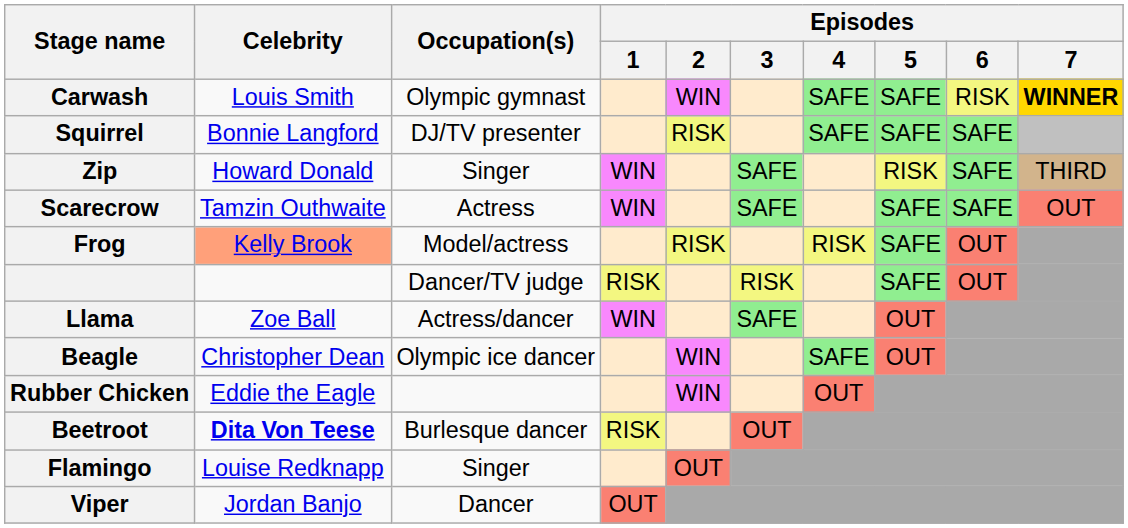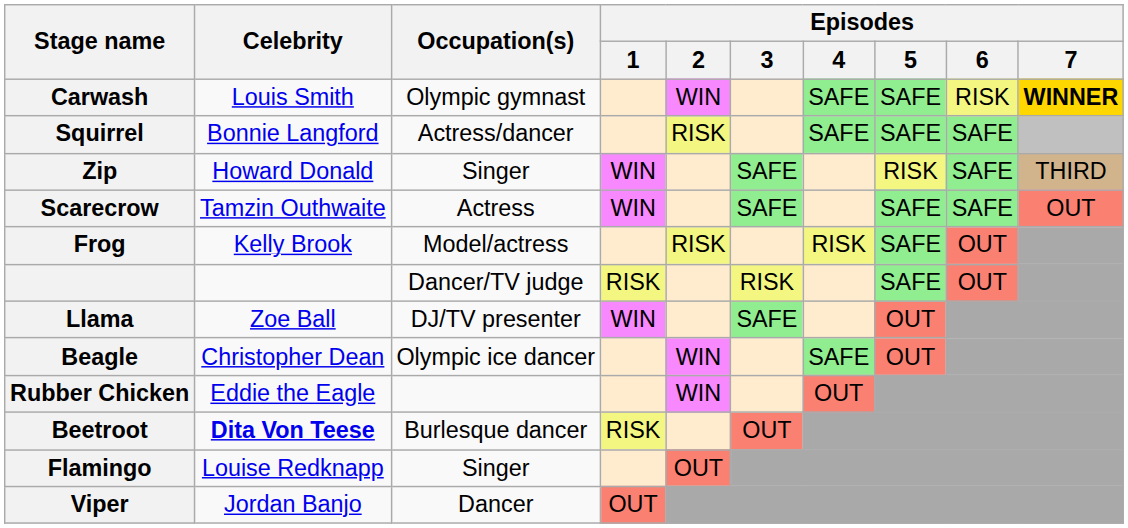 <table class="wikitable" style="text-align:center; ">
 <tr>
 <th rowspan="2">Stage name</th>
 <th rowspan="2">Celebrity</th>
 <th rowspan="2">Occupation(s)</th>
 <th colspan="8">Episodes</th>
 </tr>
 <tr>
 <th rowspan="1">1</th>
 <th rowspan="1">2</th>
 <th rowspan="1">3</th>
 <th rowspan="1">4</th>
 <th rowspan="1">5</th>
 <th rowspan="1">6</th>
 <th rowspan="1">7</th>
 </tr>
 <tr>
 <th>Carwash</th>
 <td><a href='#'>Louis Smith</a></td>
 <td>Olympic gymnast</td>
 <td bgcolor=#FFEBCD></td>
 <td bgcolor=#F888FD>WIN</td>
 <td bgcolor=#FFEBCD></td>
 <td bgcolor=lightgreen>SAFE</td>
 <td bgcolor=lightgreen>SAFE</td>
 <td bgcolor=#F3F781>RISK</td>
 <td bgcolor=gold><strong>WINNER</strong></td>
 </tr>
 <tr>
 <th>Squirrel</th>
 <td><a href='#'>Bonnie Langford</a></td>
-<td>DJ/TV presenter</td>
+<td>Actress/dancer</td>
 <td bgcolor=#FFEBCD></td>
 <td bgcolor=#F3F781>RISK</td>
 <td bgcolor=#FFEBCD></td>
 <td bgcolor=lightgreen>SAFE</td>
 <td bgcolor=lightgreen>SAFE</td>
 <td bgcolor=lightgreen>SAFE</td>
 <td bgcolor=silver></td>
 </tr>
 <tr>
 <th>Zip</th>
 <td><a href='#'>Howard Donald</a></td>
 <td>Singer</td>
 <td bgcolor=#F888FD>WIN</td>
 <td bgcolor=#FFEBCD></td>
 <td bgcolor=lightgreen>SAFE</td>
 <td bgcolor=#FFEBCD></td>
 <td bgcolor=#F3F781>RISK</td>
 <td bgcolor=lightgreen>SAFE</td>
 <td bgcolor=tan>THIRD</td>
 </tr>
 <tr>
 <th>Scarecrow</th>
 <td><a href='#'>Tamzin Outhwaite</a></td>
 <td>Actress</td>
 <td bgcolor=#F888FD>WIN</td>
 <td bgcolor=#FFEBCD></td>
 <td bgcolor=lightgreen>SAFE</td>
 <td bgcolor=#FFEBCD></td>
 <td bgcolor=lightgreen>SAFE</td>
 <td bgcolor=lightgreen>SAFE</td>
 <td bgcolor=salmon>OUT</td>
 </tr>
 <tr>
 <th>Frog</th>
-<td style="background: lightsalmon;"><a href='#'>Kelly Brook</a></td>
+<td><a href='#'>Kelly Brook</a></td>
 <td>Model/actress</td>
 <td bgcolor=#FFEBCD></td>
 <td bgcolor=#F3F781>RISK</td>
 <td bgcolor=#FFEBCD></td>
 <td bgcolor=#F3F781>RISK</td>
 <td bgcolor=lightgreen>SAFE</td>
 <td bgcolor=salmon>OUT</td>
 <td bgcolor=darkgrey colspan="2"></td>
 </tr>
 <tr>
 <th></th>
 <td></td>
 <td>Dancer/TV judge</td>
 <td bgcolor=#F3F781>RISK</td>
 <td bgcolor=#FFEBCD></td>
 <td bgcolor=#F3F781>RISK</td>
 <td bgcolor=#FFEBCD></td>
 <td bgcolor=lightgreen>SAFE</td>
 <td bgcolor=salmon>OUT</td>
 <td bgcolor=darkgrey colspan="2"></td>
 </tr>
 <tr>
 <th>Llama</th>
 <td><a href='#'>Zoe Ball</a></td>
-<td>Actress/dancer</td>
+<td>DJ/TV presenter</td>
 <td bgcolor=#F888FD>WIN</td>
 <td bgcolor=#FFEBCD></td>
 <td bgcolor=lightgreen>SAFE</td>
 <td bgcolor=#FFEBCD></td>
 <td bgcolor=salmon>OUT</td>
 <td bgcolor=darkgrey colspan="3"></td>
 </tr>
 <tr>
 <th>Beagle</th>
 <td><a href='#'>Christopher Dean</a></td>
 <td>Olympic ice dancer</td>
 <td bgcolor=#FFEBCD></td>
 <td bgcolor=#F888FD>WIN</td>
 <td bgcolor=#FFEBCD></td>
 <td bgcolor=lightgreen>SAFE</td>
 <td bgcolor=salmon>OUT</td>
 <td bgcolor=darkgrey colspan="3"></td>
 </tr>
 <tr>
 <th>Rubber Chicken</th>
 <td><a href='#'>Eddie the Eagle</a></td>
 <td></td>
 <td bgcolor=#FFEBCD></td>
 <td bgcolor=#F888FD>WIN</td>
 <td bgcolor=#FFEBCD></td>
 <td bgcolor=salmon>OUT</td>
 <td bgcolor=darkgrey colspan="4"></td>
 </tr>
 <tr>
 <th>Beetroot</th>
 <td><strong><a href='#'>Dita Von Teese</a></strong></td>
 <td>Burlesque dancer</td>
 <td bgcolor=#F3F781>RISK</td>
 <td bgcolor=#FFEBCD></td>
 <td bgcolor=salmon>OUT</td>
 <td bgcolor=darkgrey colspan="5"></td>
 </tr>
 <tr>
 <th>Flamingo</th>
 <td><a href='#'>Louise Redknapp</a></td>
 <td>Singer</td>
 <td bgcolor=#FFEBCD></td>
 <td bgcolor=salmon>OUT</td>
 <td bgcolor=darkgrey colspan="6"></td>
 </tr>
 <tr>
 <th>Viper</th>
 <td><a href='#'>Jordan Banjo</a></td>
 <td>Dancer</td>
 <td bgcolor=salmon>OUT</td>
 <td bgcolor=darkgrey colspan="7"></td>
 </tr>
 </table>
